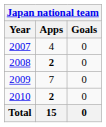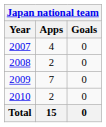 <table class="wikitable" style="text-align:center">
 <tr>
 <th colspan=3><a href='#'>Japan national team</a></th>
 </tr>
 <tr>
 <th>Year</th>
 <th>Apps</th>
 <th>Goals</th>
 </tr>
 <tr>
 <td><a href='#'>2007</a></td>
 <td>4</td>
 <td>0</td>
 </tr>
 <tr>
 <td><a href='#'>2008</a></td>
-<td><strong>2</strong></td>
+<td>2</td>
 <td>0</td>
 </tr>
 <tr>
 <td><a href='#'>2009</a></td>
 <td>7</td>
 <td>0</td>
 </tr>
 <tr>
 <td><a href='#'>2010</a></td>
-<td><strong>2</strong></td>
+<td>2</td>
 <td>0</td>
 </tr>
 <tr>
 <th>Total</th>
 <th>15</th>
 <th>0</th>
 </tr>
 </table>
